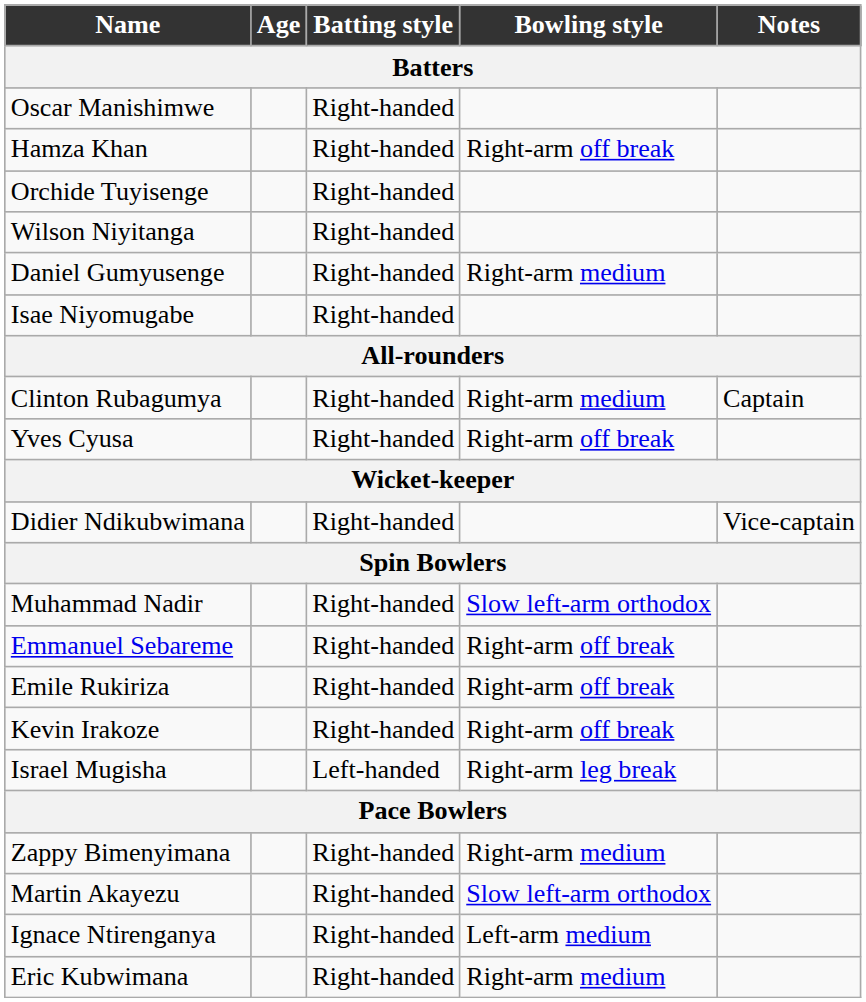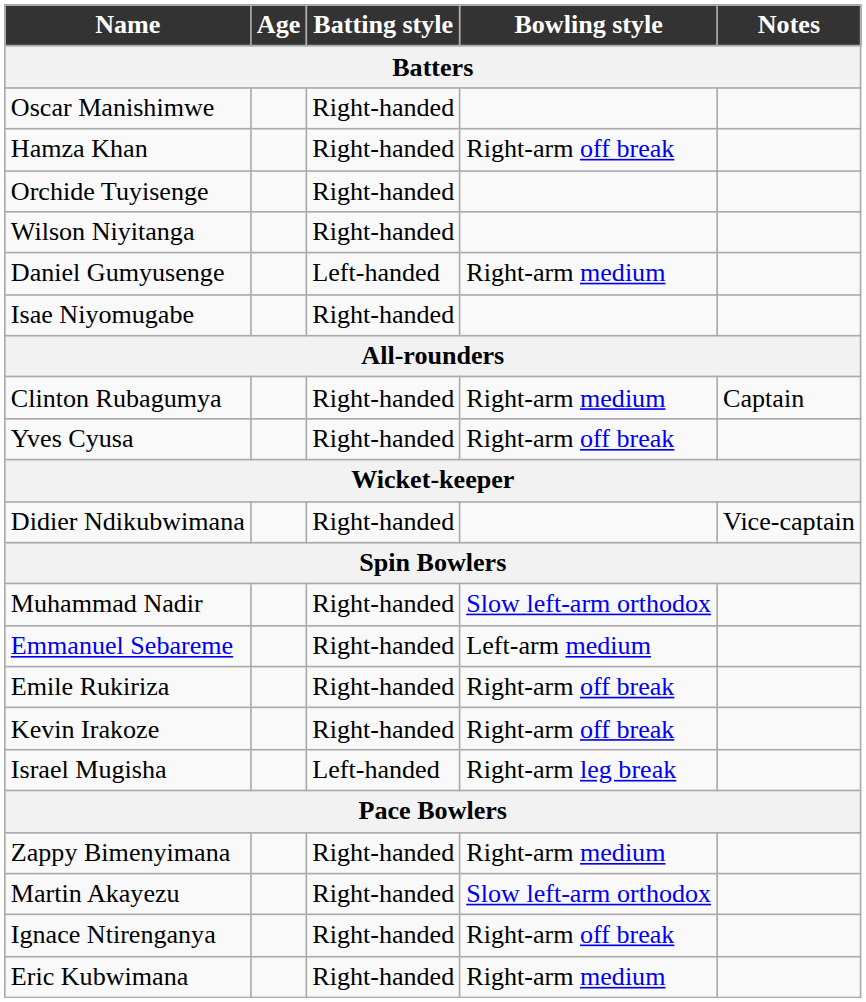 <table class="wikitable">
 <tr>
 <th style="text-align:center; background:#333333; color:white;">Name</th>
 <th style="text-align:center; background:#333333; color:white;">Age</th>
 <th style="text-align:center; background:#333333; color:white;">Batting style</th>
 <th style="text-align:center; background:#333333; color:white;">Bowling style</th>
 <th style="text-align:center; background:#333333; color:white;">Notes</th>
 </tr>
 <tr>
 <th colspan="5">Batters</th>
 </tr>
 <tr>
 <td>Oscar Manishimwe</td>
 <td></td>
 <td>Right-handed</td>
 <td></td>
 <td></td>
 </tr>
 <tr>
 <td>Hamza Khan</td>
 <td></td>
 <td>Right-handed</td>
 <td>Right-arm <a href='#'>off break</a></td>
 <td></td>
 </tr>
 <tr>
 <td>Orchide Tuyisenge</td>
 <td></td>
 <td>Right-handed</td>
 <td></td>
 <td></td>
 </tr>
 <tr>
 <td>Wilson Niyitanga</td>
 <td></td>
 <td>Right-handed</td>
 <td></td>
 <td></td>
 </tr>
 <tr>
 <td>Daniel Gumyusenge</td>
 <td></td>
-<td>Right-handed</td>
+<td>Left-handed</td>
 <td>Right-arm <a href='#'>medium</a></td>
 <td></td>
 </tr>
 <tr>
 <td>Isae Niyomugabe</td>
 <td></td>
 <td>Right-handed</td>
 <td></td>
 <td></td>
 </tr>
 <tr>
 <th colspan="5">All-rounders</th>
 </tr>
 <tr>
 <td>Clinton Rubagumya</td>
 <td></td>
 <td>Right-handed</td>
 <td>Right-arm <a href='#'>medium</a></td>
 <td>Captain</td>
 </tr>
 <tr>
 <td>Yves Cyusa</td>
 <td></td>
 <td>Right-handed</td>
 <td>Right-arm <a href='#'>off break</a></td>
 <td></td>
 </tr>
 <tr>
 <th colspan="5">Wicket-keeper</th>
 </tr>
 <tr>
 <td>Didier Ndikubwimana</td>
 <td></td>
 <td>Right-handed</td>
 <td></td>
 <td>Vice-captain</td>
 </tr>
 <tr>
 <th colspan="5">Spin Bowlers</th>
 </tr>
 <tr>
 <td>Muhammad Nadir</td>
 <td></td>
 <td>Right-handed</td>
 <td><a href='#'>Slow left-arm orthodox</a></td>
 <td></td>
 </tr>
 <tr>
 <td><a href='#'>Emmanuel Sebareme</a></td>
 <td></td>
 <td>Right-handed</td>
-<td>Right-arm <a href='#'>off break</a></td>
+<td>Left-arm <a href='#'>medium</a></td>
 <td></td>
 </tr>
 <tr>
 <td>Emile Rukiriza</td>
 <td></td>
 <td>Right-handed</td>
 <td>Right-arm <a href='#'>off break</a></td>
 <td></td>
 </tr>
 <tr>
 <td>Kevin Irakoze</td>
 <td></td>
 <td>Right-handed</td>
 <td>Right-arm <a href='#'>off break</a></td>
 <td></td>
 </tr>
 <tr>
 <td>Israel Mugisha</td>
 <td></td>
 <td>Left-handed</td>
 <td>Right-arm <a href='#'>leg break</a></td>
 <td></td>
 </tr>
 <tr>
 <th colspan="5">Pace Bowlers</th>
 </tr>
 <tr>
 <td>Zappy Bimenyimana</td>
 <td></td>
 <td>Right-handed</td>
 <td>Right-arm <a href='#'>medium</a></td>
 <td></td>
 </tr>
 <tr>
 <td>Martin Akayezu</td>
 <td></td>
 <td>Right-handed</td>
 <td><a href='#'>Slow left-arm orthodox</a></td>
 <td></td>
 </tr>
 <tr>
 <td>Ignace Ntirenganya</td>
 <td></td>
 <td>Right-handed</td>
-<td>Left-arm <a href='#'>medium</a></td>
+<td>Right-arm <a href='#'>off break</a></td>
 <td></td>
 </tr>
 <tr>
 <td>Eric Kubwimana</td>
 <td></td>
 <td>Right-handed</td>
 <td>Right-arm <a href='#'>medium</a></td>
 <td></td>
 </tr>
 </table>
